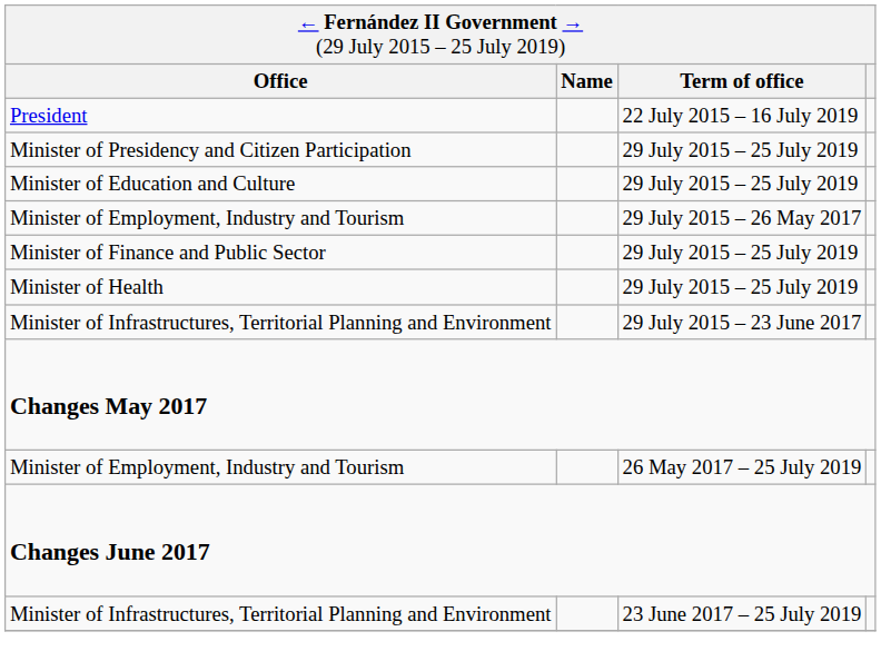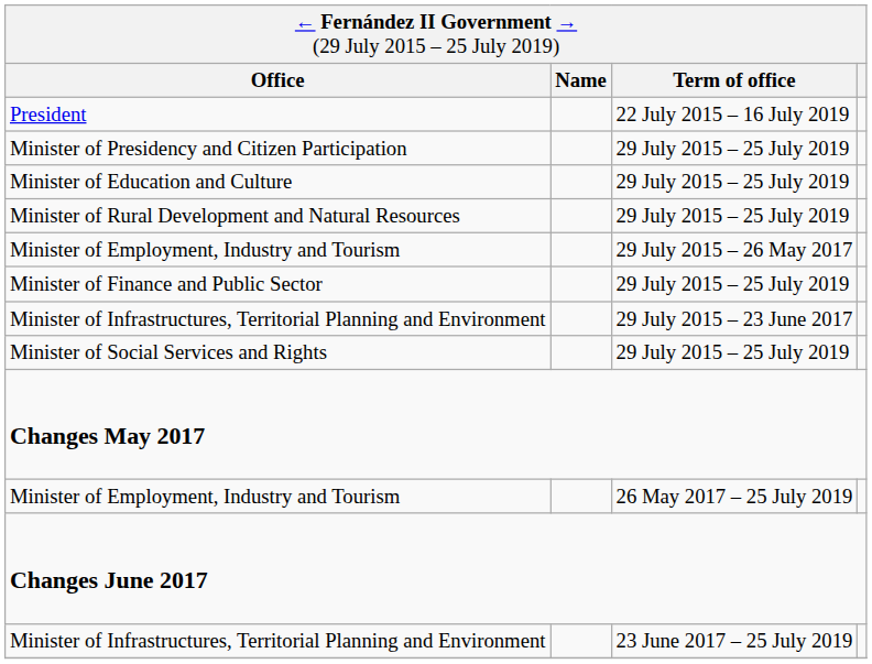 <table class="wikitable" style="font-size:95%;">
 <tr>
 <td colspan="4" bgcolor="#F2F2F2" align="center"><a href='#'>←</a> <strong>Fernández II Government</strong> <a href='#'>→</a><br>(29 July 2015 – 25 July 2019)</td>
 </tr>
 <tr>
 <th>Office</th>
 <th>Name</th>
 <th>Term of office</th>
 <th></th>
 </tr>
 <tr>
 <td><a href='#'>President</a></td>
 <td><strong></strong></td>
 <td>22 July 2015 – 16 July 2019</td>
 <td align=center></td>
 </tr>
 <tr>
 <td>Minister of Presidency and Citizen Participation</td>
 <td><strong></strong></td>
 <td>29 July 2015 – 25 July 2019</td>
 <td align="center"></td>
 </tr>
 <tr>
 <td>Minister of Education and Culture</td>
 <td><strong></strong></td>
 <td>29 July 2015 – 25 July 2019</td>
 <td align="center"></td>
 </tr>
 <tr>
+<td>Minister of Rural Development and Natural Resources</td>
+<td><strong></strong></td>
+<td>29 July 2015 – 25 July 2019</td>
+<td align="center"></td>
+</tr>
+<tr>
 <td>Minister of Employment, Industry and Tourism</td>
 <td><strong></strong></td>
 <td>29 July 2015 – 26 May 2017</td>
 <td align="center"></td>
 </tr>
 <tr>
 <td>Minister of Finance and Public Sector</td>
 <td><strong></strong></td>
 <td>29 July 2015 – 25 July 2019</td>
 <td align="center"></td>
 </tr>
 <tr>
-<td>Minister of Health</td>
+<td>Minister of Infrastructures, Territorial Planning and Environment</td>
 <td><strong></strong></td>
-<td>29 July 2015 – 25 July 2019</td>
+<td>29 July 2015 – 23 June 2017</td>
 <td align="center"></td>
 </tr>
 <tr>
-<td>Minister of Infrastructures, Territorial Planning and Environment</td>
+<td>Minister of Social Services and Rights</td>
 <td><strong></strong></td>
-<td>29 July 2015 – 23 June 2017</td>
+<td>29 July 2015 – 25 July 2019</td>
 <td align="center"></td>
 </tr>
 <tr>
 <td colspan="4"><br><h3>Changes May 2017</h3></td>
 </tr>
 <tr>
 <td>Minister of Employment, Industry and Tourism</td>
 <td><strong></strong></td>
 <td>26 May 2017 – 25 July 2019</td>
 <td align="center"></td>
 </tr>
 <tr>
 <td colspan="4"><br><h3>Changes June 2017</h3></td>
 </tr>
 <tr>
 <td>Minister of Infrastructures, Territorial Planning and Environment</td>
 <td><strong></strong></td>
 <td>23 June 2017 – 25 July 2019</td>
 <td align="center"></td>
 </tr>
 <tr>
 </tr>
 </table>
